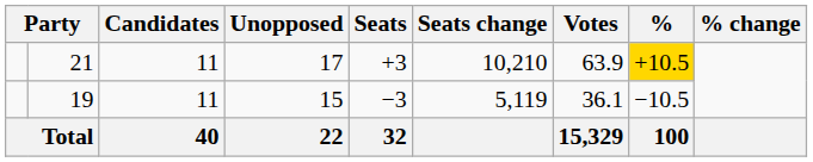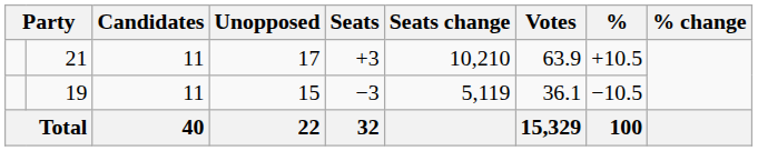 <table class="wikitable sortable">
 <tr>
 <th colspan=2>Party</th>
 <th>Candidates</th>
 <th>Unopposed</th>
 <th>Seats</th>
 <th>Seats change</th>
 <th>Votes</th>
 <th>%</th>
 <th>% change</th>
 </tr>
 <tr>
 <td></td>
 <td align=right>21</td>
 <td align=right>11</td>
 <td align=right>17</td>
 <td align=right>+3</td>
 <td align=right>10,210</td>
 <td align=right>63.9</td>
-<td align=right style="background: gold;">+10.5</td>
+<td align=right>+10.5</td>
 </tr>
 <tr>
 <td></td>
 <td align=right>19</td>
 <td align=right>11</td>
 <td align=right>15</td>
 <td align=right>−3</td>
 <td align=right>5,119</td>
 <td align=right>36.1</td>
 <td align=right>−10.5</td>
 </tr>
 <tr class="sortbottom" style="font-weight: bold; text-align: right; background: #f2f2f2;">
 <th colspan="2" style="padding-left: 1.5em; text-align: left;">Total</th>
 <td align=right>40</td>
 <td align=right>22</td>
 <td align=right>32</td>
 <td align=right></td>
 <td align=right>15,329</td>
 <td align=right>100</td>
 <td align=right></td>
 </tr>
 </table>
